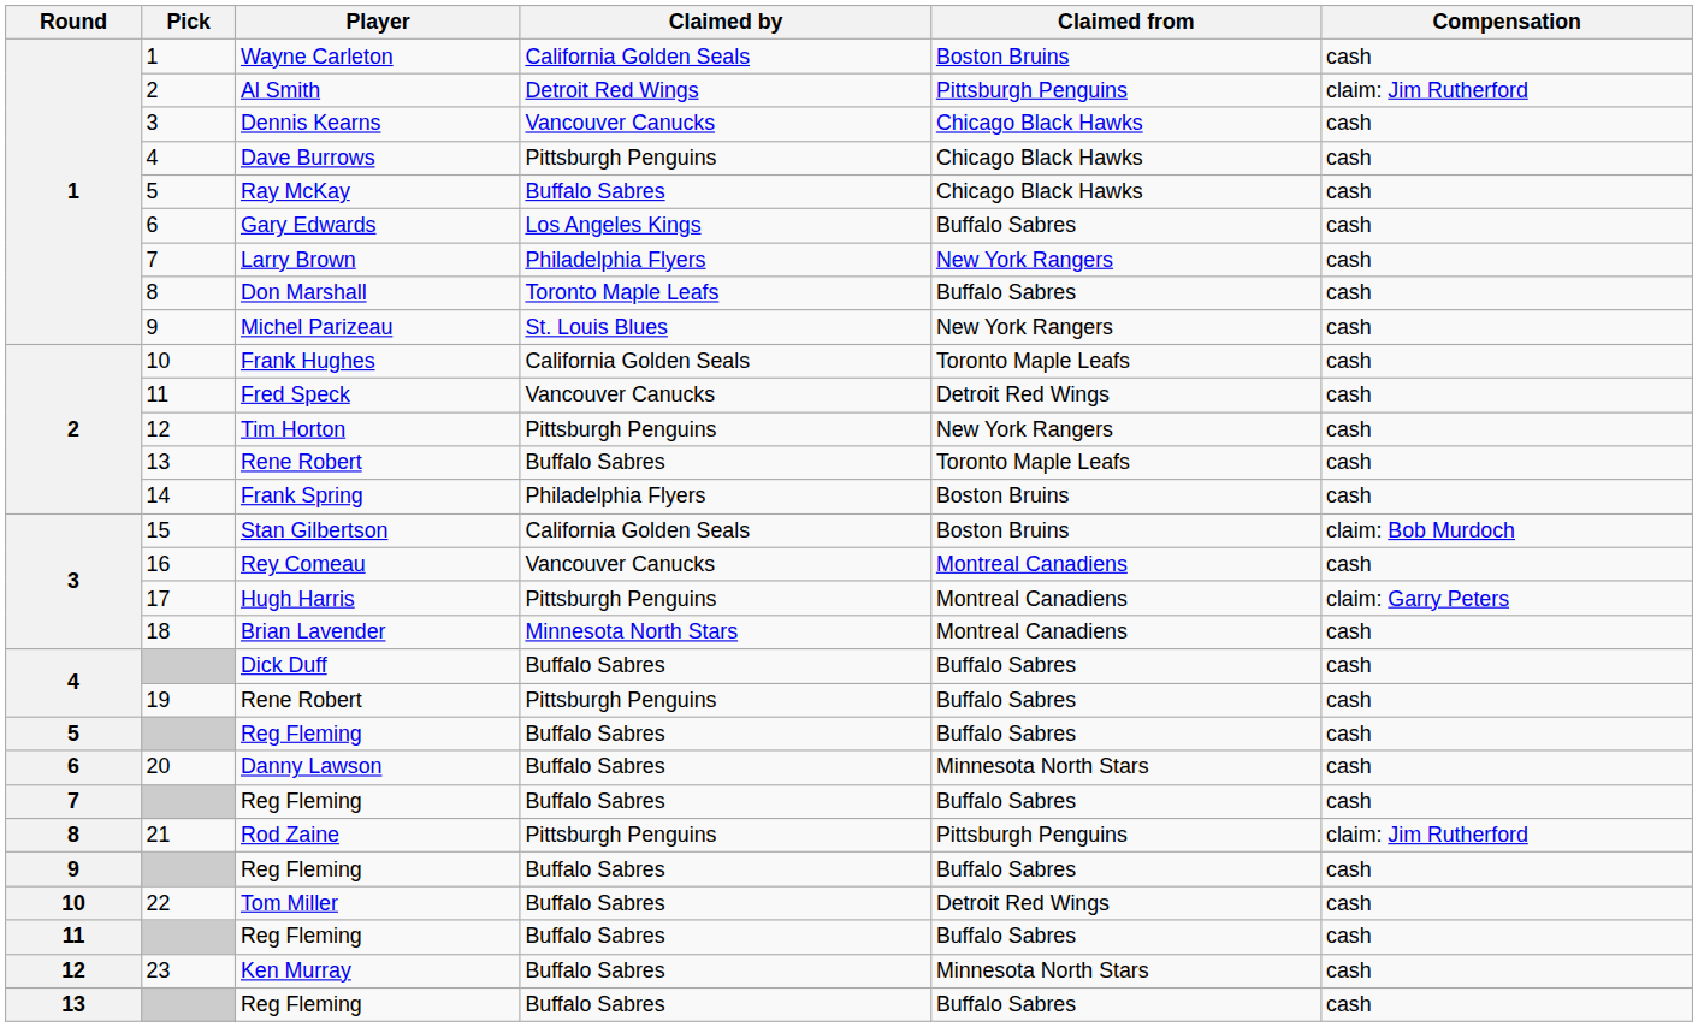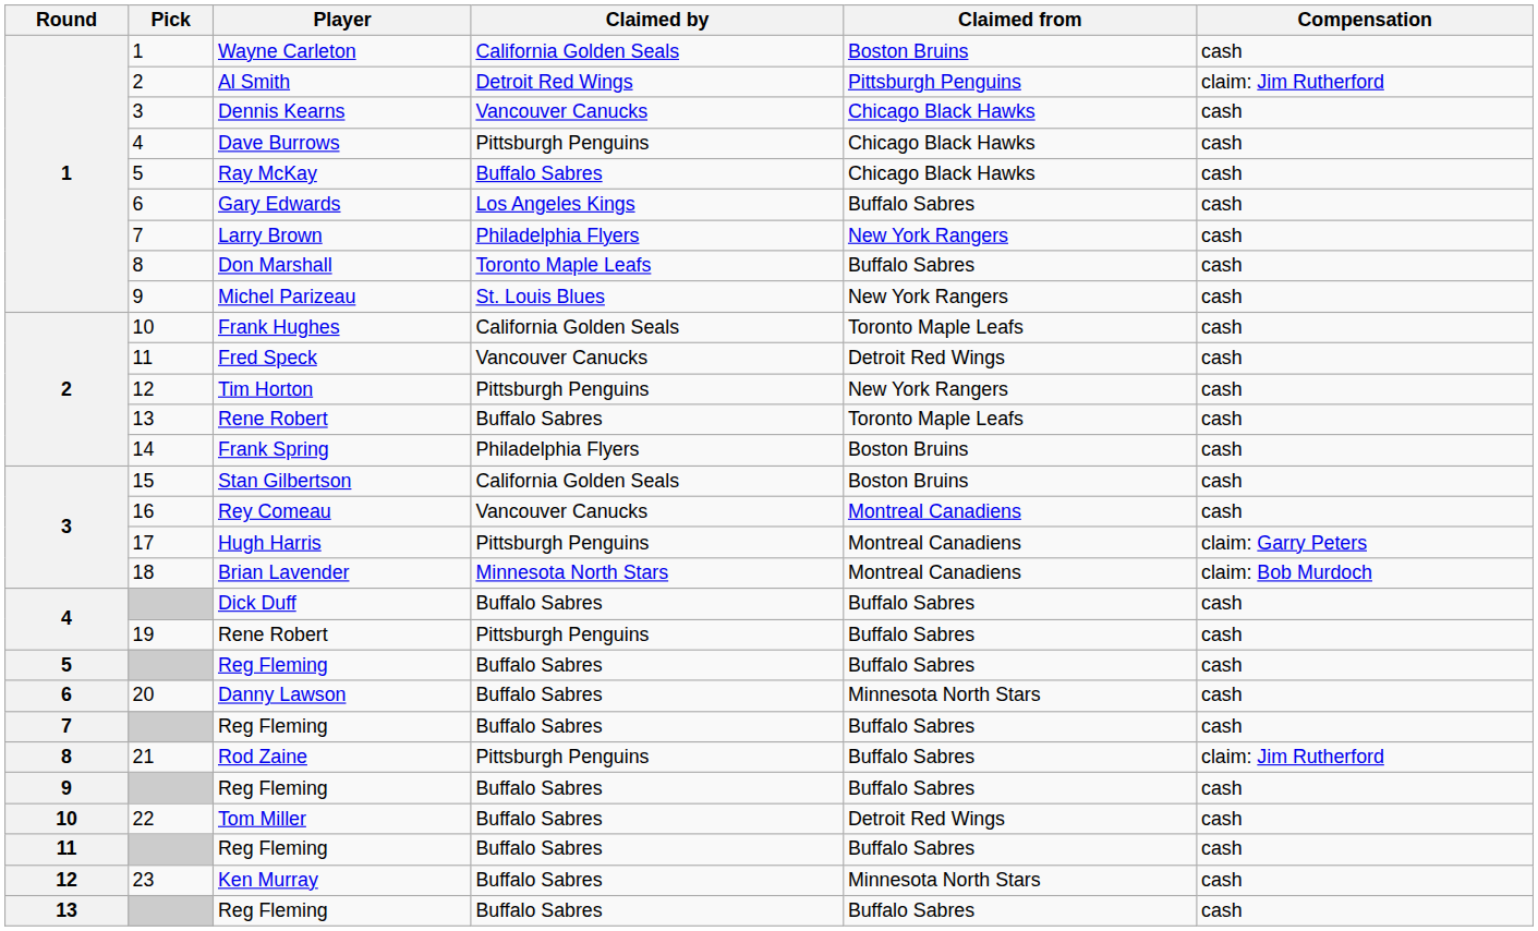 <table class="wikitable" style="width: 100%">
 <tr>
 <th scope="col">Round</th>
 <th scope="col">Pick</th>
 <th scope="col">Player</th>
 <th scope="col">Claimed by</th>
 <th scope="col">Claimed from</th>
 <th scope="col">Compensation</th>
 </tr>
 <tr>
 <th scope="row" rowspan="9">1</th>
 <td>1</td>
 <td><a href='#'>Wayne Carleton</a></td>
 <td><a href='#'>California Golden Seals</a></td>
 <td><a href='#'>Boston Bruins</a></td>
 <td>cash</td>
 </tr>
 <tr>
 <td>2</td>
 <td><a href='#'>Al Smith</a></td>
 <td><a href='#'>Detroit Red Wings</a></td>
 <td><a href='#'>Pittsburgh Penguins</a></td>
 <td>claim: <a href='#'>Jim Rutherford</a></td>
 </tr>
 <tr>
 <td>3</td>
 <td><a href='#'>Dennis Kearns</a></td>
 <td><a href='#'>Vancouver Canucks</a></td>
 <td><a href='#'>Chicago Black Hawks</a></td>
 <td>cash</td>
 </tr>
 <tr>
 <td>4</td>
 <td><a href='#'>Dave Burrows</a></td>
 <td>Pittsburgh Penguins</td>
 <td>Chicago Black Hawks</td>
 <td>cash</td>
 </tr>
 <tr>
 <td>5</td>
 <td><a href='#'>Ray McKay</a></td>
 <td><a href='#'>Buffalo Sabres</a></td>
 <td>Chicago Black Hawks</td>
 <td>cash</td>
 </tr>
 <tr>
 <td>6</td>
 <td><a href='#'>Gary Edwards</a></td>
 <td><a href='#'>Los Angeles Kings</a></td>
 <td>Buffalo Sabres</td>
 <td>cash</td>
 </tr>
 <tr>
 <td>7</td>
 <td><a href='#'>Larry Brown</a></td>
 <td><a href='#'>Philadelphia Flyers</a></td>
 <td><a href='#'>New York Rangers</a></td>
 <td>cash</td>
 </tr>
 <tr>
 <td>8</td>
 <td><a href='#'>Don Marshall</a></td>
 <td><a href='#'>Toronto Maple Leafs</a></td>
 <td>Buffalo Sabres</td>
 <td>cash</td>
 </tr>
 <tr>
 <td>9</td>
 <td><a href='#'>Michel Parizeau</a></td>
 <td><a href='#'>St. Louis Blues</a></td>
 <td>New York Rangers</td>
 <td>cash</td>
 </tr>
 <tr>
 <th scope="row" rowspan="5">2</th>
 <td>10</td>
 <td><a href='#'>Frank Hughes</a></td>
 <td>California Golden Seals</td>
 <td>Toronto Maple Leafs</td>
 <td>cash</td>
 </tr>
 <tr>
 <td>11</td>
 <td><a href='#'>Fred Speck</a></td>
 <td>Vancouver Canucks</td>
 <td>Detroit Red Wings</td>
 <td>cash</td>
 </tr>
 <tr>
 <td>12</td>
 <td><a href='#'>Tim Horton</a></td>
 <td>Pittsburgh Penguins</td>
 <td>New York Rangers</td>
 <td>cash</td>
 </tr>
 <tr>
 <td>13</td>
 <td><a href='#'>Rene Robert</a></td>
 <td>Buffalo Sabres</td>
 <td>Toronto Maple Leafs</td>
 <td>cash</td>
 </tr>
 <tr>
 <td>14</td>
 <td><a href='#'>Frank Spring</a></td>
 <td>Philadelphia Flyers</td>
 <td>Boston Bruins</td>
 <td>cash</td>
 </tr>
 <tr>
 <th scope="row" rowspan="4">3</th>
 <td>15</td>
 <td><a href='#'>Stan Gilbertson</a></td>
 <td>California Golden Seals</td>
 <td>Boston Bruins</td>
-<td>claim: <a href='#'>Bob Murdoch</a></td>
+<td>cash</td>
 </tr>
 <tr>
 <td>16</td>
 <td><a href='#'>Rey Comeau</a></td>
 <td>Vancouver Canucks</td>
 <td><a href='#'>Montreal Canadiens</a></td>
 <td>cash</td>
 </tr>
 <tr>
 <td>17</td>
 <td><a href='#'>Hugh Harris</a></td>
 <td>Pittsburgh Penguins</td>
 <td>Montreal Canadiens</td>
 <td>claim: <a href='#'>Garry Peters</a></td>
 </tr>
 <tr>
 <td>18</td>
 <td><a href='#'>Brian Lavender</a></td>
 <td><a href='#'>Minnesota North Stars</a></td>
 <td>Montreal Canadiens</td>
-<td>cash</td>
+<td>claim: <a href='#'>Bob Murdoch</a></td>
 </tr>
 <tr>
 <th scope="row" rowspan="2">4</th>
 <td style="background:#ccc"></td>
 <td><a href='#'>Dick Duff</a></td>
 <td>Buffalo Sabres</td>
 <td>Buffalo Sabres</td>
 <td>cash</td>
 </tr>
 <tr>
 <td>19</td>
 <td>Rene Robert</td>
 <td>Pittsburgh Penguins</td>
 <td>Buffalo Sabres</td>
 <td>cash</td>
 </tr>
 <tr>
 <th scope="row">5</th>
 <td style="background:#ccc"></td>
 <td><a href='#'>Reg Fleming</a></td>
 <td>Buffalo Sabres</td>
 <td>Buffalo Sabres</td>
 <td>cash</td>
 </tr>
 <tr>
 <th scope="row">6</th>
 <td>20</td>
 <td><a href='#'>Danny Lawson</a></td>
 <td>Buffalo Sabres</td>
 <td>Minnesota North Stars</td>
 <td>cash</td>
 </tr>
 <tr>
 <th scope="row">7</th>
 <td style="background:#ccc"></td>
 <td>Reg Fleming</td>
 <td>Buffalo Sabres</td>
 <td>Buffalo Sabres</td>
 <td>cash</td>
 </tr>
 <tr>
 <th scope="row">8</th>
 <td>21</td>
 <td><a href='#'>Rod Zaine</a></td>
 <td>Pittsburgh Penguins</td>
-<td>Pittsburgh Penguins</td>
+<td>Buffalo Sabres</td>
 <td>claim: <a href='#'>Jim Rutherford</a></td>
 </tr>
 <tr>
 <th scope="row">9</th>
 <td style="background:#ccc"></td>
 <td>Reg Fleming</td>
 <td>Buffalo Sabres</td>
 <td>Buffalo Sabres</td>
 <td>cash</td>
 </tr>
 <tr>
 <th scope="row">10</th>
 <td>22</td>
 <td><a href='#'>Tom Miller</a></td>
 <td>Buffalo Sabres</td>
 <td>Detroit Red Wings</td>
 <td>cash</td>
 </tr>
 <tr>
 <th scope="row">11</th>
 <td style="background:#ccc"></td>
 <td>Reg Fleming</td>
 <td>Buffalo Sabres</td>
 <td>Buffalo Sabres</td>
 <td>cash</td>
 </tr>
 <tr>
 <th scope="row">12</th>
 <td>23</td>
 <td><a href='#'>Ken Murray</a></td>
 <td>Buffalo Sabres</td>
 <td>Minnesota North Stars</td>
 <td>cash</td>
 </tr>
 <tr>
 <th scope="row">13</th>
 <td style="background:#ccc"></td>
 <td>Reg Fleming</td>
 <td>Buffalo Sabres</td>
 <td>Buffalo Sabres</td>
 <td>cash</td>
 </tr>
 </table>
